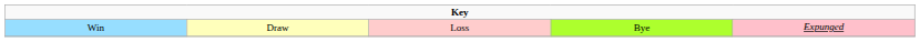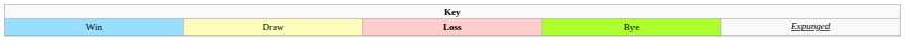 <table class="wikitable" style="text-align:center; line-height:100%; width:100%; font-size:87%">
 <tr>
 <td colspan=100% style="height:10px"><strong>Key</strong></td>
 </tr>
 <tr>
 <td style="background:#97DEFF;width:20%">Win</td>
 <td style="background:#ffb;width:20%">Draw</td>
-<td style="background:#FFCCCC;width:20%">Loss</td>
+<td style="background:#FFCCCC;width:20%"><strong>Loss</strong></td>
 <td style="background:#ADFF2D;width:20%">Bye</td>
-<td style="background: pink; line-height:1.2;padding:3px;width:20%"><em><u>Expunged</u></em></td>
+<td style="line-height:1.2;padding:3px;width:20%"><em><u>Expunged</u></em></td>
 </tr>
 <tr>
 </tr>
 </table>
